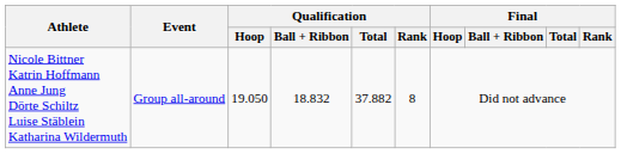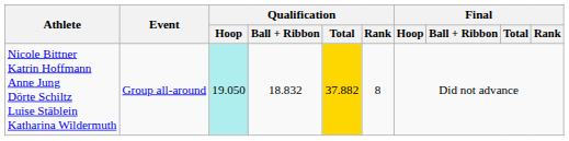 <table class=wikitable style="font-size:90%">
 <tr>
 <th rowspan="2">Athlete</th>
 <th rowspan="2">Event</th>
 <th colspan=4>Qualification</th>
 <th colspan=4>Final</th>
 </tr>
 <tr style="font-size:95%">
 <th>Hoop</th>
 <th>Ball + Ribbon</th>
 <th>Total</th>
 <th>Rank</th>
 <th>Hoop</th>
 <th>Ball + Ribbon</th>
 <th>Total</th>
 <th>Rank</th>
 </tr>
 <tr align=center>
 <td align=left><a href='#'>Nicole Bittner</a><br><a href='#'>Katrin Hoffmann</a><br><a href='#'>Anne Jung</a><br><a href='#'>Dörte Schiltz</a><br><a href='#'>Luise Stäblein</a><br><a href='#'>Katharina Wildermuth</a></td>
 <td align=left><a href='#'>Group all-around</a></td>
-<td>19.050</td>
+<td style="background: paleturquoise;">19.050</td>
 <td>18.832</td>
-<td>37.882</td>
+<td style="background: gold;">37.882</td>
 <td>8</td>
 <td colspan=4>Did not advance</td>
 </tr>
 </table>
